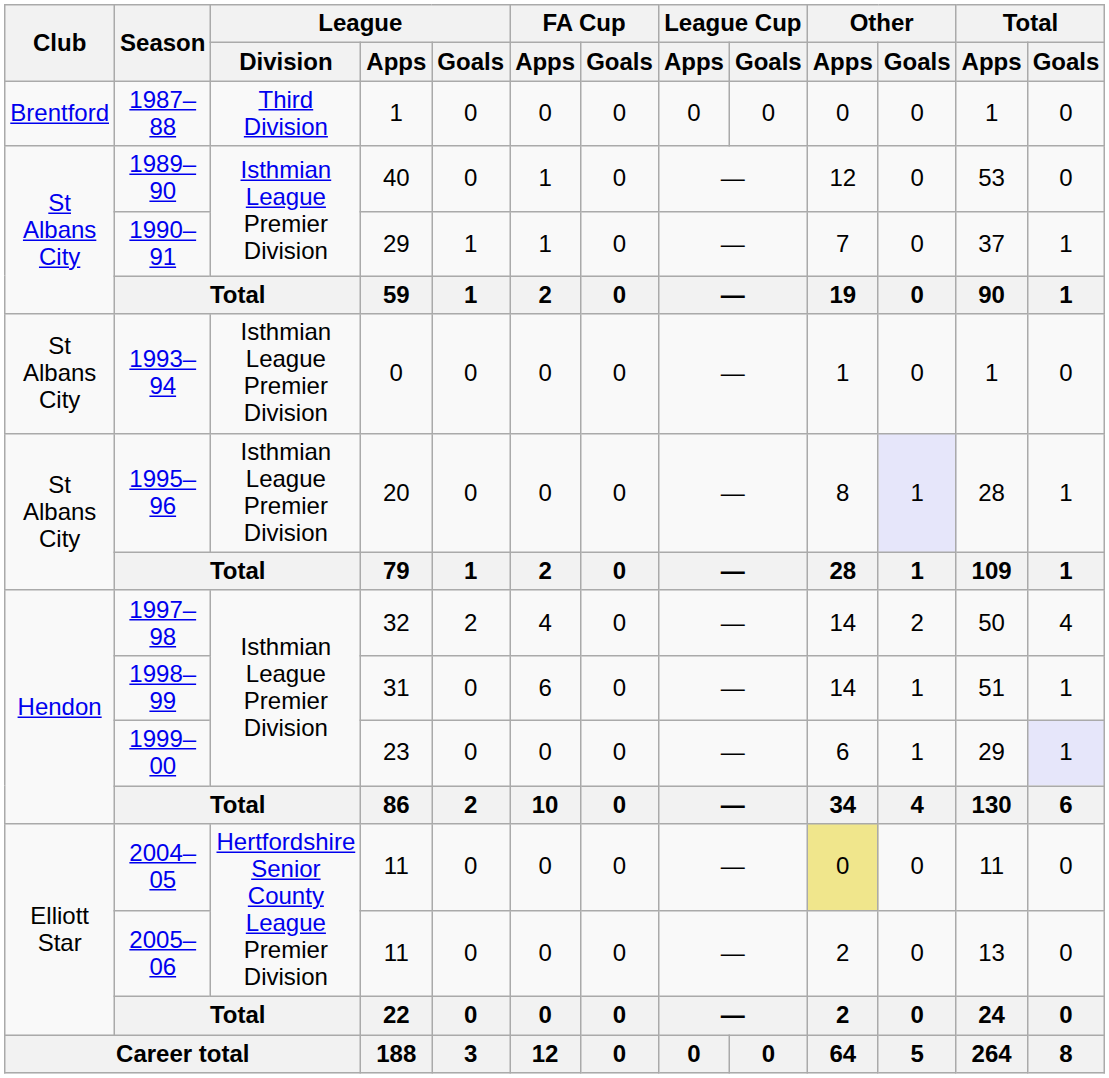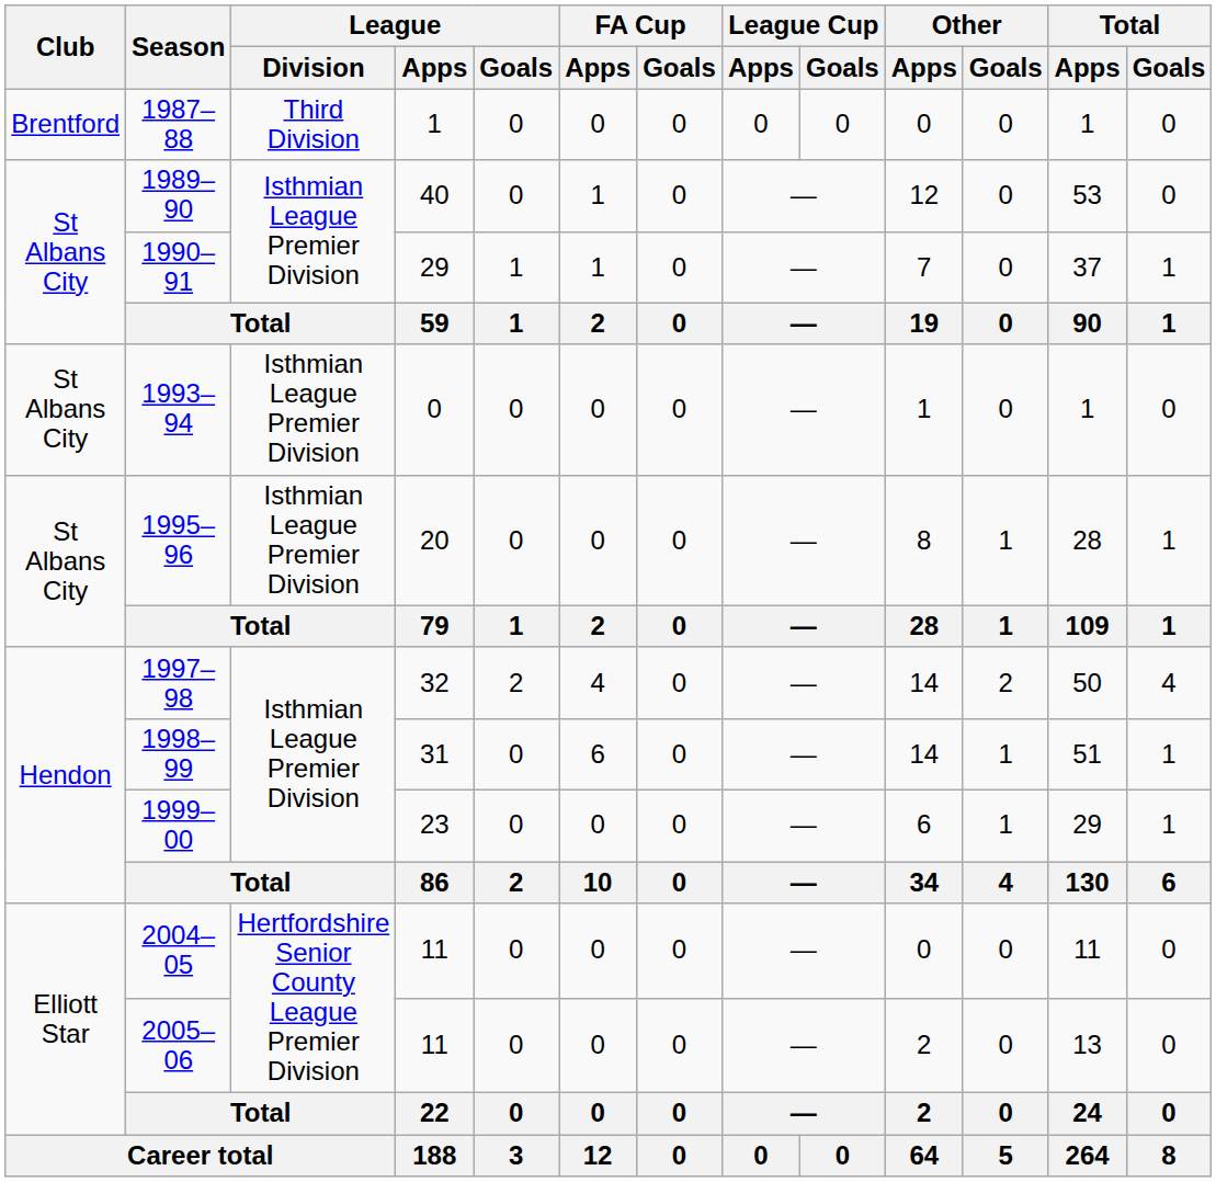 <table class="wikitable" style="text-align: center;">
 <tr>
 <th rowspan="2">Club</th>
 <th rowspan="2">Season</th>
 <th colspan="3">League</th>
 <th colspan="2">FA Cup</th>
 <th colspan="2">League Cup</th>
 <th colspan="2">Other</th>
 <th colspan="2">Total</th>
 </tr>
 <tr>
 <th>Division</th>
 <th>Apps</th>
 <th>Goals</th>
 <th>Apps</th>
 <th>Goals</th>
 <th>Apps</th>
 <th>Goals</th>
 <th>Apps</th>
 <th>Goals</th>
 <th>Apps</th>
 <th>Goals</th>
 </tr>
 <tr>
 <td><a href='#'>Brentford</a></td>
 <td><a href='#'>1987–88</a></td>
 <td><a href='#'>Third Division</a></td>
 <td>1</td>
 <td>0</td>
 <td>0</td>
 <td>0</td>
 <td>0</td>
 <td>0</td>
 <td>0</td>
 <td>0</td>
 <td>1</td>
 <td>0</td>
 </tr>
 <tr>
 <td rowspan="3"><a href='#'>St Albans City</a></td>
 <td><a href='#'>1989–90</a></td>
 <td rowspan="2"><a href='#'>Isthmian League</a> Premier Division</td>
 <td>40</td>
 <td>0</td>
 <td>1</td>
 <td>0</td>
 <td colspan="2">—</td>
 <td>12</td>
 <td>0</td>
 <td>53</td>
 <td>0</td>
 </tr>
 <tr>
 <td><a href='#'>1990–91</a></td>
 <td>29</td>
 <td>1</td>
 <td>1</td>
 <td>0</td>
 <td colspan="2">—</td>
 <td>7</td>
 <td>0</td>
 <td>37</td>
 <td>1</td>
 </tr>
 <tr>
 <th colspan="2">Total</th>
 <th>59</th>
 <th>1</th>
 <th>2</th>
 <th>0</th>
 <th colspan="2">—</th>
 <th>19</th>
 <th>0</th>
 <th>90</th>
 <th>1</th>
 </tr>
 <tr>
 <td>St Albans City</td>
 <td><a href='#'>1993–94</a></td>
 <td>Isthmian League Premier Division</td>
 <td>0</td>
 <td>0</td>
 <td>0</td>
 <td>0</td>
 <td colspan="2">—</td>
 <td>1</td>
 <td>0</td>
 <td>1</td>
 <td>0</td>
 </tr>
 <tr>
 <td rowspan="2">St Albans City</td>
 <td><a href='#'>1995–96</a></td>
 <td>Isthmian League Premier Division</td>
 <td>20</td>
 <td>0</td>
 <td>0</td>
 <td>0</td>
 <td colspan="2">—</td>
 <td>8</td>
-<td style="background: lavender;">1</td>
+<td>1</td>
 <td>28</td>
 <td>1</td>
 </tr>
 <tr>
 <th colspan="2">Total</th>
 <th>79</th>
 <th>1</th>
 <th>2</th>
 <th>0</th>
 <th colspan="2">—</th>
 <th>28</th>
 <th>1</th>
 <th>109</th>
 <th>1</th>
 </tr>
 <tr>
 <td rowspan="4"><a href='#'>Hendon</a></td>
 <td><a href='#'>1997–98</a></td>
 <td rowspan="3">Isthmian League Premier Division</td>
 <td>32</td>
 <td>2</td>
 <td>4</td>
 <td>0</td>
 <td colspan="2">—</td>
 <td>14</td>
 <td>2</td>
 <td>50</td>
 <td>4</td>
 </tr>
 <tr>
 <td><a href='#'>1998–99</a></td>
 <td>31</td>
 <td>0</td>
 <td>6</td>
 <td>0</td>
 <td colspan="2">—</td>
 <td>14</td>
 <td>1</td>
 <td>51</td>
 <td>1</td>
 </tr>
 <tr>
 <td><a href='#'>1999–00</a></td>
 <td>23</td>
 <td>0</td>
 <td>0</td>
 <td>0</td>
 <td colspan="2">—</td>
 <td>6</td>
 <td>1</td>
 <td>29</td>
-<td style="background: lavender;">1</td>
+<td>1</td>
 </tr>
 <tr>
 <th colspan="2">Total</th>
 <th>86</th>
 <th>2</th>
 <th>10</th>
 <th>0</th>
 <th colspan="2">—</th>
 <th>34</th>
 <th>4</th>
 <th>130</th>
 <th>6</th>
 </tr>
 <tr>
 <td rowspan="3">Elliott Star</td>
 <td><a href='#'>2004–05</a></td>
 <td rowspan="2"><a href='#'>Hertfordshire Senior County League</a> Premier Division</td>
 <td>11</td>
 <td>0</td>
 <td>0</td>
 <td>0</td>
 <td colspan="2">—</td>
-<td style="background: khaki;">0</td>
+<td>0</td>
 <td>0</td>
 <td>11</td>
 <td>0</td>
 </tr>
 <tr>
 <td><a href='#'>2005–06</a></td>
 <td>11</td>
 <td>0</td>
 <td>0</td>
 <td>0</td>
 <td colspan="2">—</td>
 <td>2</td>
 <td>0</td>
 <td>13</td>
 <td>0</td>
 </tr>
 <tr>
 <th colspan="2">Total</th>
 <th>22</th>
 <th>0</th>
 <th>0</th>
 <th>0</th>
 <th colspan="2">—</th>
 <th>2</th>
 <th>0</th>
 <th>24</th>
 <th>0</th>
 </tr>
 <tr>
 <th colspan="3">Career total</th>
 <th>188</th>
 <th>3</th>
 <th>12</th>
 <th>0</th>
 <th>0</th>
 <th>0</th>
 <th>64</th>
 <th>5</th>
 <th>264</th>
 <th>8</th>
 </tr>
 </table>
